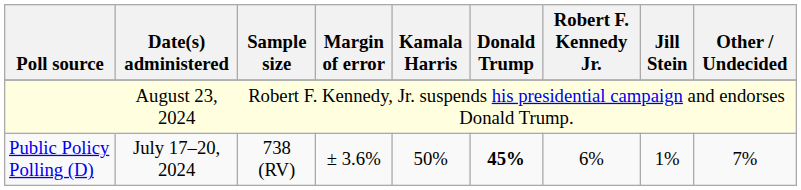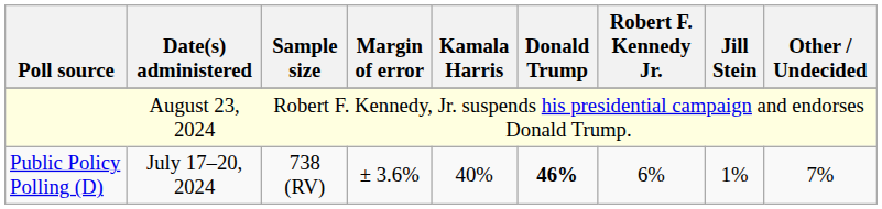 <table class="wikitable sortable mw-datatable" style="font-size:90%;text-align:center;line-height:17px">
 <tr valign=bottom>
 <th>Poll source</th>
 <th>Date(s)<br>administered</th>
 <th>Sample<br>size</th>
 <th>Margin<br>of error</th>
 <th class="unsortable">Kamala<br>Harris<br></th>
 <th class="unsortable">Donald<br>Trump<br></th>
 <th class="unsortable">Robert F.<br>Kennedy Jr.<br></th>
 <th class="unsortable">Jill<br>Stein<br></th>
 <th class="unsortable">Other /<br>Undecided</th>
 </tr>
 <tr>
 </tr>
 <tr style="background:lightyellow;">
 <td style="border-right-style:hidden; background:lightyellow;"></td>
 <td style="border-right-style:hidden; " data-sort-value="2024-07-21">August 23, 2024</td>
 <td colspan="7">Robert F. Kennedy, Jr. suspends <a href='#'>his presidential campaign</a> and endorses Donald Trump.</td>
 </tr>
 <tr>
 <td style="text-align:left;"><a href='#'>Public Policy Polling (D)</a></td>
 <td data-sort-value="2024-07-21">July 17–20, 2024</td>
 <td>738 (RV)</td>
 <td>± 3.6%</td>
-<td>50%</td>
-<td style="background-color:"><strong>45%</strong></td>
+<td>40%</td>
+<td style="background-color:"><strong>46%</strong></td>
 <td>6%</td>
 <td>1%</td>
 <td>7%</td>
 </tr>
 </table>
